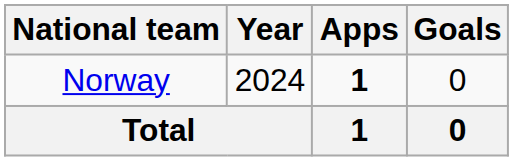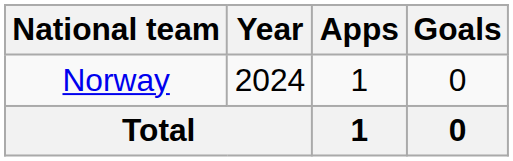 <table class=wikitable style=text-align:center>
 <tr>
 <th>National team</th>
 <th>Year</th>
 <th>Apps</th>
 <th>Goals</th>
 </tr>
 <tr>
 <td><a href='#'>Norway</a></td>
 <td>2024</td>
-<td><strong>1</strong></td>
+<td>1</td>
 <td>0</td>
 </tr>
 <tr>
 <th colspan="2">Total</th>
 <th>1</th>
 <th>0</th>
 </tr>
 </table>
